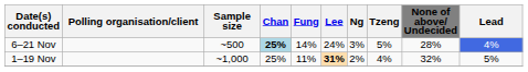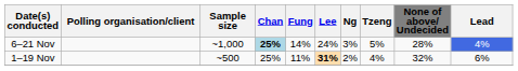 <table class="wikitable sortable" style="text-align:center;font-size:95%;line-height:14px">
 <tr>
 <th ! style="width:75px;">Date(s)<br>conducted</th>
 <th style="width:200px;">Polling organisation/client</th>
 <th class="unsortable" style="width:75px;">Sample size</th>
 <th class="unsortable" style="background:"><a href='#'><span>Chan</span></a></th>
 <th class="unsortable" style="background:"><a href='#'><span>Fung</span></a></th>
 <th class="unsortable" style="background:"><a href='#'><span>Lee</span></a></th>
 <th class="unsortable" style="background:">Ng</th>
 <th class="unsortable" style="background:">Tzeng</th>
 <th class="unsortable" style="background:gray; width:60px;"><span>None of above/<br>Undecided</span></th>
 <th class="unsortable" style="width:85px;">Lead</th>
 </tr>
 <tr>
 <td>6–21 Nov</td>
 <td></td>
-<td>~500</td>
+<td>~1,000</td>
 <td style="background:LightBlue"><strong>25%</strong></td>
 <td>14%</td>
 <td>24%</td>
 <td>3%</td>
 <td>5%</td>
 <td>28%</td>
 <td style="background:RoyalBlue; color:white;">4%</td>
 </tr>
 <tr>
 <td>1–19 Nov</td>
 <td></td>
-<td>~1,000</td>
+<td>~500</td>
 <td>25%</td>
 <td>11%</td>
 <td style="background: NavajoWhite"><strong>31%</strong></td>
 <td>2%</td>
 <td>4%</td>
 <td>32%</td>
-<td style="background:">5%</td>
+<td style="background:">6%</td>
 </tr>
 <tr>
 </tr>
 </table>
